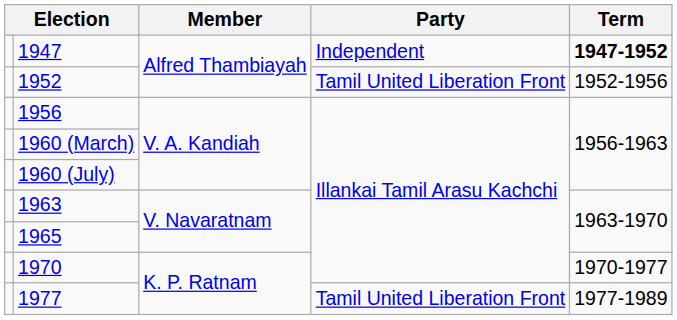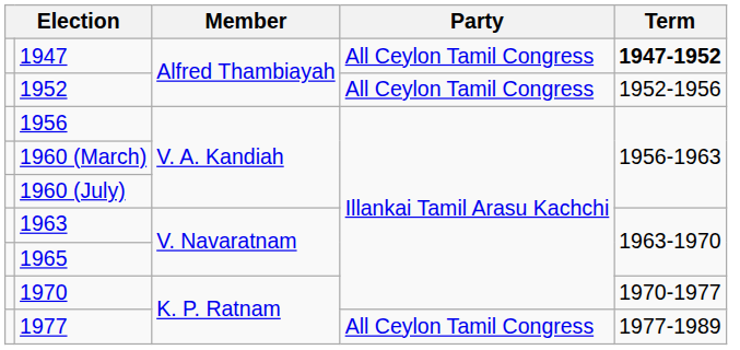 <table class="wikitable">
 <tr>
 <th colspan="2">Election</th>
 <th>Member</th>
 <th>Party</th>
 <th>Term</th>
 </tr>
 <tr>
 <td style="background-color: "></td>
 <td><a href='#'>1947</a></td>
 <td rowspan ="2"><a href='#'>Alfred Thambiayah</a></td>
-<td><a href='#'>Independent</a></td>
+<td><a href='#'>All Ceylon Tamil Congress</a></td>
 <td><strong>1947-1952</strong></td>
 </tr>
 <tr>
 <td style="background-color: "></td>
 <td><a href='#'>1952</a></td>
-<td><a href='#'>Tamil United Liberation Front</a></td>
+<td><a href='#'>All Ceylon Tamil Congress</a></td>
 <td>1952-1956</td>
 </tr>
 <tr>
 <td style="background-color: "></td>
 <td><a href='#'>1956</a></td>
 <td rowspan ="3"><a href='#'>V. A. Kandiah</a></td>
 <td rowspan ="6"><a href='#'>Illankai Tamil Arasu Kachchi</a></td>
 <td rowspan ="3">1956-1963</td>
 </tr>
 <tr>
 <td style="background-color: "></td>
 <td><a href='#'>1960 (March)</a></td>
 </tr>
 <tr>
 <td style="background-color: "></td>
 <td><a href='#'>1960 (July)</a></td>
 </tr>
 <tr>
 <td style="background-color: "></td>
 <td><a href='#'>1963</a></td>
 <td rowspan ="2"><a href='#'>V. Navaratnam</a></td>
 <td rowspan ="2">1963-1970</td>
 </tr>
 <tr>
 <td style="background-color: "></td>
 <td><a href='#'>1965</a></td>
 </tr>
 <tr>
 <td style="background-color: "></td>
 <td><a href='#'>1970</a></td>
 <td rowspan ="2"><a href='#'>K. P. Ratnam</a></td>
 <td>1970-1977</td>
 </tr>
 <tr>
 <td style="background-color: "></td>
 <td><a href='#'>1977</a></td>
-<td><a href='#'>Tamil United Liberation Front</a></td>
+<td><a href='#'>All Ceylon Tamil Congress</a></td>
 <td>1977-1989</td>
 </tr>
 </table>
